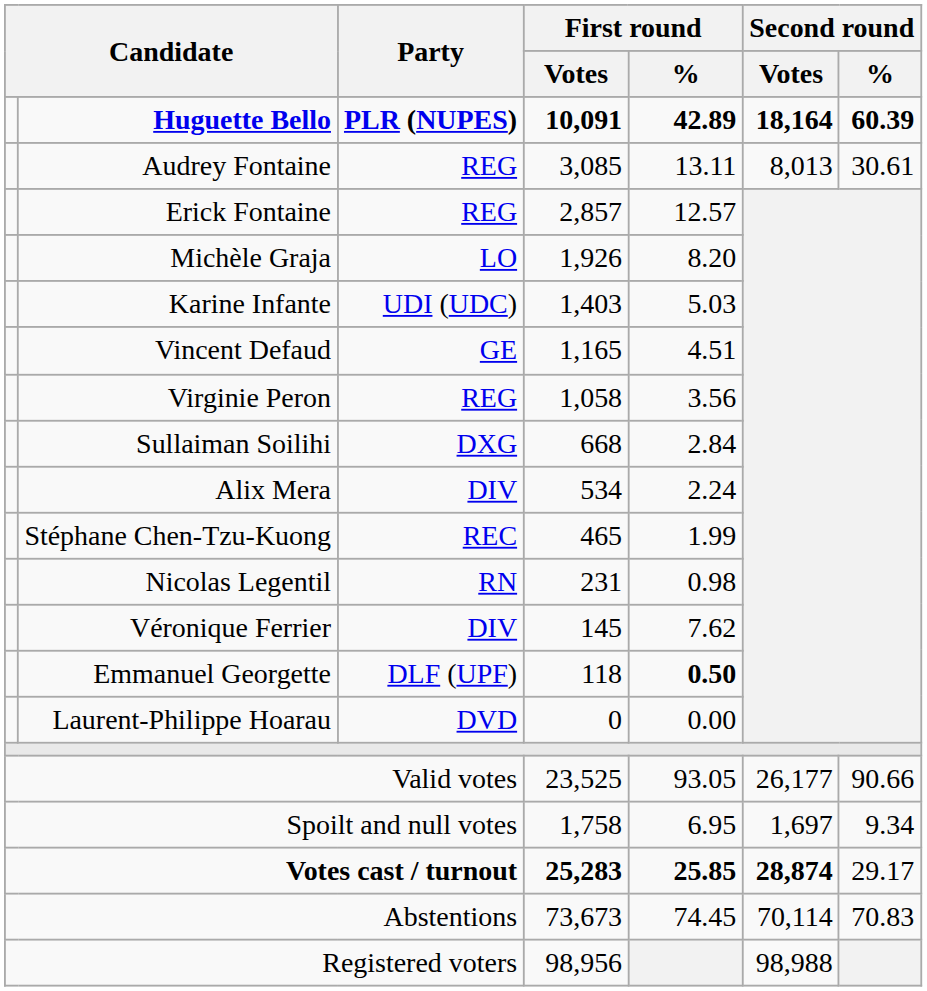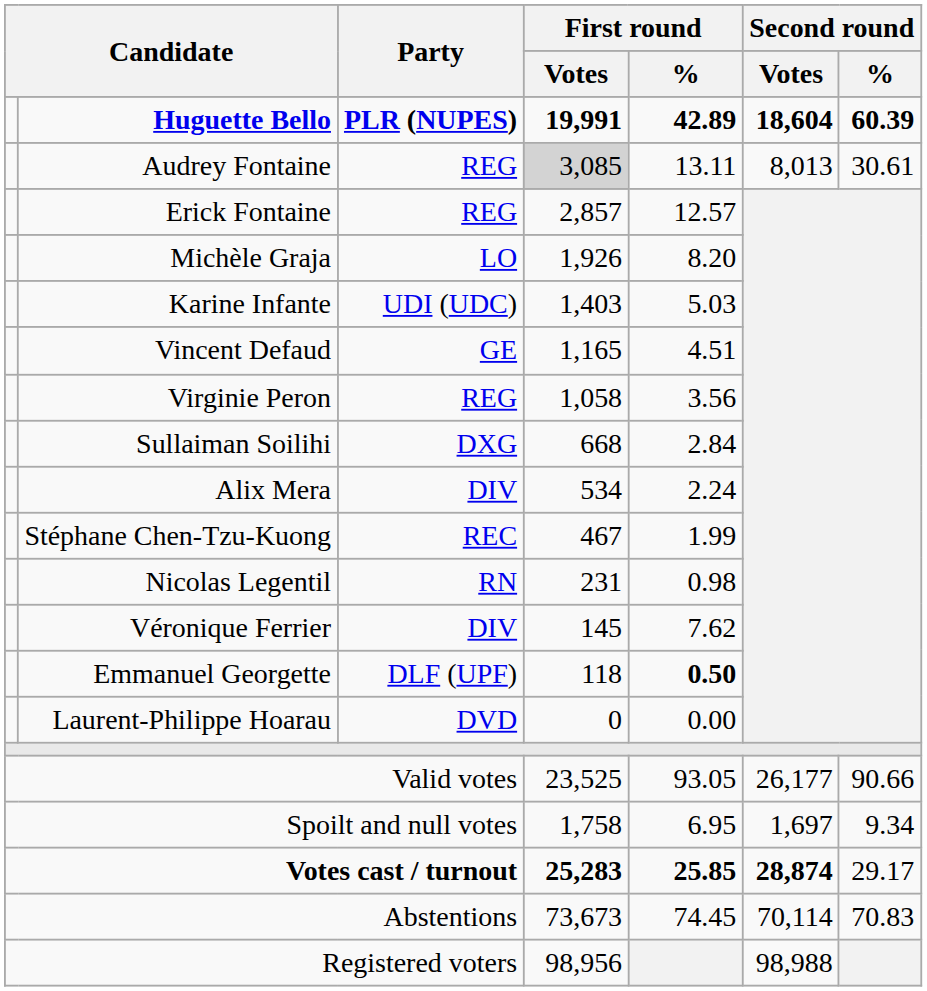 <table class="wikitable" style="text-align:right;font-size:95%;">
 <tr>
 <th colspan="2" rowspan="2">Candidate</th>
 <th colspan="1" rowspan="2">Party</th>
 <th colspan="2">First round</th>
 <th colspan="2">Second round</th>
 </tr>
 <tr>
 <th style="width:50px;">Votes</th>
 <th style="width:55px;">%</th>
 <th>Votes</th>
 <th>%</th>
 </tr>
 <tr>
 <td style="color:inherit;background-color:"></td>
 <td><strong><a href='#'>Huguette Bello</a></strong></td>
 <td><strong><a href='#'>PLR</a> (<a href='#'>NUPES</a>)</strong></td>
-<td><strong>10,091</strong></td>
+<td><strong>19,991</strong></td>
 <td><strong>42.89</strong></td>
-<td><strong>18,164</strong></td>
+<td><strong>18,604</strong></td>
 <td><strong>60.39</strong></td>
 </tr>
 <tr>
 <td style="color:inherit;background-color:"></td>
 <td>Audrey Fontaine</td>
 <td><a href='#'>REG</a></td>
-<td>3,085</td>
+<td style="background: lightgrey;">3,085</td>
 <td>13.11</td>
 <td>8,013</td>
 <td>30.61</td>
 </tr>
 <tr>
 <td style="color:inherit;background-color:"></td>
 <td>Erick Fontaine</td>
 <td><a href='#'>REG</a></td>
 <td>2,857</td>
 <td>12.57</td>
 <th colspan="2" rowspan="12"></th>
 </tr>
 <tr>
 <td style="color:inherit;background-color:"></td>
 <td>Michèle Graja</td>
 <td><a href='#'>LO</a></td>
 <td>1,926</td>
 <td>8.20</td>
 </tr>
 <tr>
 <td style="color:inherit;background-color:"></td>
 <td>Karine Infante</td>
 <td><a href='#'>UDI</a> (<a href='#'>UDC</a>)</td>
 <td>1,403</td>
 <td>5.03</td>
 </tr>
 <tr>
 <td style="color:inherit;background-color:"></td>
 <td>Vincent Defaud</td>
 <td><a href='#'>GE</a></td>
 <td>1,165</td>
 <td>4.51</td>
 </tr>
 <tr>
 <td style="color:inherit;background-color:"></td>
 <td>Virginie Peron</td>
 <td><a href='#'>REG</a></td>
 <td>1,058</td>
 <td>3.56</td>
 </tr>
 <tr>
 <td style="color:inherit;background-color:"></td>
 <td>Sullaiman Soilihi</td>
 <td><a href='#'>DXG</a></td>
 <td>668</td>
 <td>2.84</td>
 </tr>
 <tr>
 <td style="color:inherit;background-color:"></td>
 <td>Alix Mera</td>
 <td><a href='#'>DIV</a></td>
 <td>534</td>
 <td>2.24</td>
 </tr>
 <tr>
 <td style="color:inherit;background-color:"></td>
 <td>Stéphane Chen-Tzu-Kuong</td>
 <td><a href='#'>REC</a></td>
-<td>465</td>
+<td>467</td>
 <td>1.99</td>
 </tr>
 <tr>
 <td style="color:inherit;background-color:"></td>
 <td>Nicolas Legentil</td>
 <td><a href='#'>RN</a></td>
 <td>231</td>
 <td>0.98</td>
 </tr>
 <tr>
 <td style="color:inherit;background-color:"></td>
 <td>Véronique Ferrier</td>
 <td><a href='#'>DIV</a></td>
 <td>145</td>
 <td>7.62</td>
 </tr>
 <tr>
 <td style="color:inherit;background-color:"></td>
 <td>Emmanuel Georgette</td>
 <td><a href='#'>DLF</a> (<a href='#'>UPF</a>)</td>
 <td>118</td>
 <td><strong>0.50</strong></td>
 </tr>
 <tr>
 <td style="color:inherit;background-color:"></td>
 <td>Laurent-Philippe Hoarau</td>
 <td><a href='#'>DVD</a></td>
 <td>0</td>
 <td>0.00</td>
 </tr>
 <tr>
 <td colspan="7" style="background-color:#E9E9E9;"></td>
 </tr>
 <tr>
 <td colspan="3">Valid votes</td>
 <td>23,525</td>
 <td>93.05</td>
 <td>26,177</td>
 <td>90.66</td>
 </tr>
 <tr>
 <td colspan="3">Spoilt and null votes</td>
 <td>1,758</td>
 <td>6.95</td>
 <td>1,697</td>
 <td>9.34</td>
 </tr>
 <tr>
 <td colspan="3"><strong>Votes cast / turnout</strong></td>
 <td><strong>25,283</strong></td>
 <td><strong>25.85</strong></td>
 <td><strong>28,874</strong></td>
 <td>29.17</td>
 </tr>
 <tr>
 <td colspan="3">Abstentions</td>
 <td>73,673</td>
 <td>74.45</td>
 <td>70,114</td>
 <td>70.83</td>
 </tr>
 <tr>
 <td colspan="3">Registered voters</td>
 <td>98,956</td>
 <th></th>
 <td>98,988</td>
 <th></th>
 </tr>
 </table>
